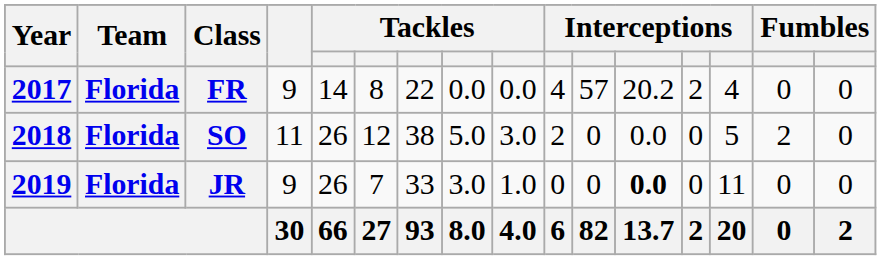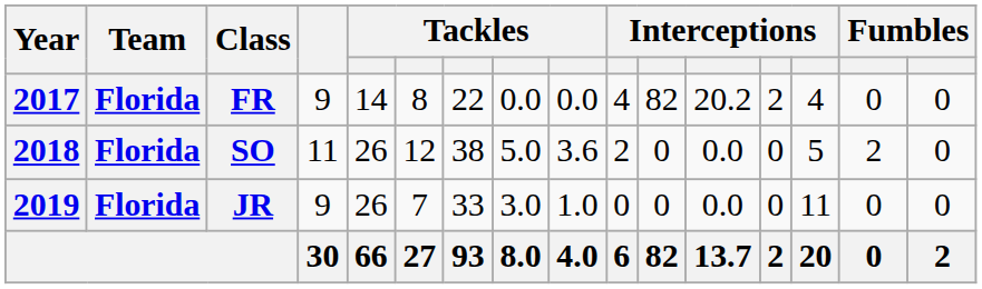 <table class="wikitable sortable" style="text-align:center;">
 <tr>
 <th rowspan="2">Year</th>
 <th rowspan="2">Team</th>
 <th rowspan="2">Class</th>
 <th rowspan="2"></th>
 <th colspan="5">Tackles</th>
 <th colspan="5">Interceptions</th>
 <th colspan="2">Fumbles</th>
 </tr>
 <tr>
 <th></th>
 <th></th>
 <th></th>
 <th></th>
 <th></th>
 <th></th>
 <th></th>
 <th></th>
 <th></th>
 <th></th>
 <th></th>
 <th></th>
 </tr>
 <tr>
 <th><a href='#'>2017</a></th>
 <th><a href='#'>Florida</a></th>
 <th><a href='#'>FR</a></th>
 <td>9</td>
 <td>14</td>
 <td>8</td>
 <td>22</td>
 <td>0.0</td>
 <td>0.0</td>
 <td>4</td>
-<td>57</td>
+<td>82</td>
 <td>20.2</td>
 <td>2</td>
 <td>4</td>
 <td>0</td>
 <td>0</td>
 </tr>
 <tr>
 <th><a href='#'>2018</a></th>
 <th><a href='#'>Florida</a></th>
 <th><a href='#'>SO</a></th>
 <td>11</td>
 <td>26</td>
 <td>12</td>
 <td>38</td>
 <td>5.0</td>
-<td>3.0</td>
+<td>3.6</td>
 <td>2</td>
 <td>0</td>
 <td>0.0</td>
 <td>0</td>
 <td>5</td>
 <td>2</td>
 <td>0</td>
 </tr>
 <tr>
 <th><a href='#'>2019</a></th>
 <th><a href='#'>Florida</a></th>
 <th><a href='#'>JR</a></th>
 <td>9</td>
 <td>26</td>
 <td>7</td>
 <td>33</td>
 <td>3.0</td>
 <td>1.0</td>
 <td>0</td>
 <td>0</td>
-<td><strong>0.0</strong></td>
+<td>0.0</td>
 <td>0</td>
 <td>11</td>
 <td>0</td>
 <td>0</td>
 </tr>
 <tr>
 <th colspan="3"></th>
 <th>30</th>
 <th>66</th>
 <th>27</th>
 <th>93</th>
 <th>8.0</th>
 <th>4.0</th>
 <th>6</th>
 <th>82</th>
 <th>13.7</th>
 <th>2</th>
 <th>20</th>
 <th>0</th>
 <th>2</th>
 </tr>
 </table>
